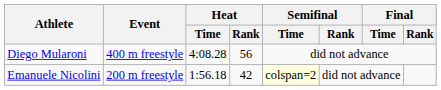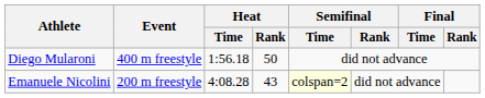 <table class=wikitable style="font-size:90%">
 <tr>
 <th rowspan="2">Athlete</th>
 <th rowspan="2">Event</th>
 <th colspan="2">Heat</th>
 <th colspan="2">Semifinal</th>
 <th colspan="2">Final</th>
 </tr>
 <tr style="font-size:95%">
 <th>Time</th>
 <th>Rank</th>
 <th>Time</th>
 <th>Rank</th>
 <th>Time</th>
 <th>Rank</th>
 </tr>
 <tr align=center>
 <td align=left><a href='#'>Diego Mularoni</a></td>
 <td align=left><a href='#'>400 m freestyle</a></td>
-<td>4:08.28</td>
-<td>56</td>
+<td>1:56.18</td>
+<td>50</td>
 <td colspan=4>did not advance</td>
 </tr>
 <tr align=center>
 <td align=left><a href='#'>Emanuele Nicolini</a></td>
 <td align=left><a href='#'>200 m freestyle</a></td>
-<td>1:56.18</td>
-<td>42</td>
+<td>4:08.28</td>
+<td>43</td>
 <td style="background: lightyellow;">colspan=2 </td>
 <td colspan=2>did not advance</td>
 </tr>
 </table>
